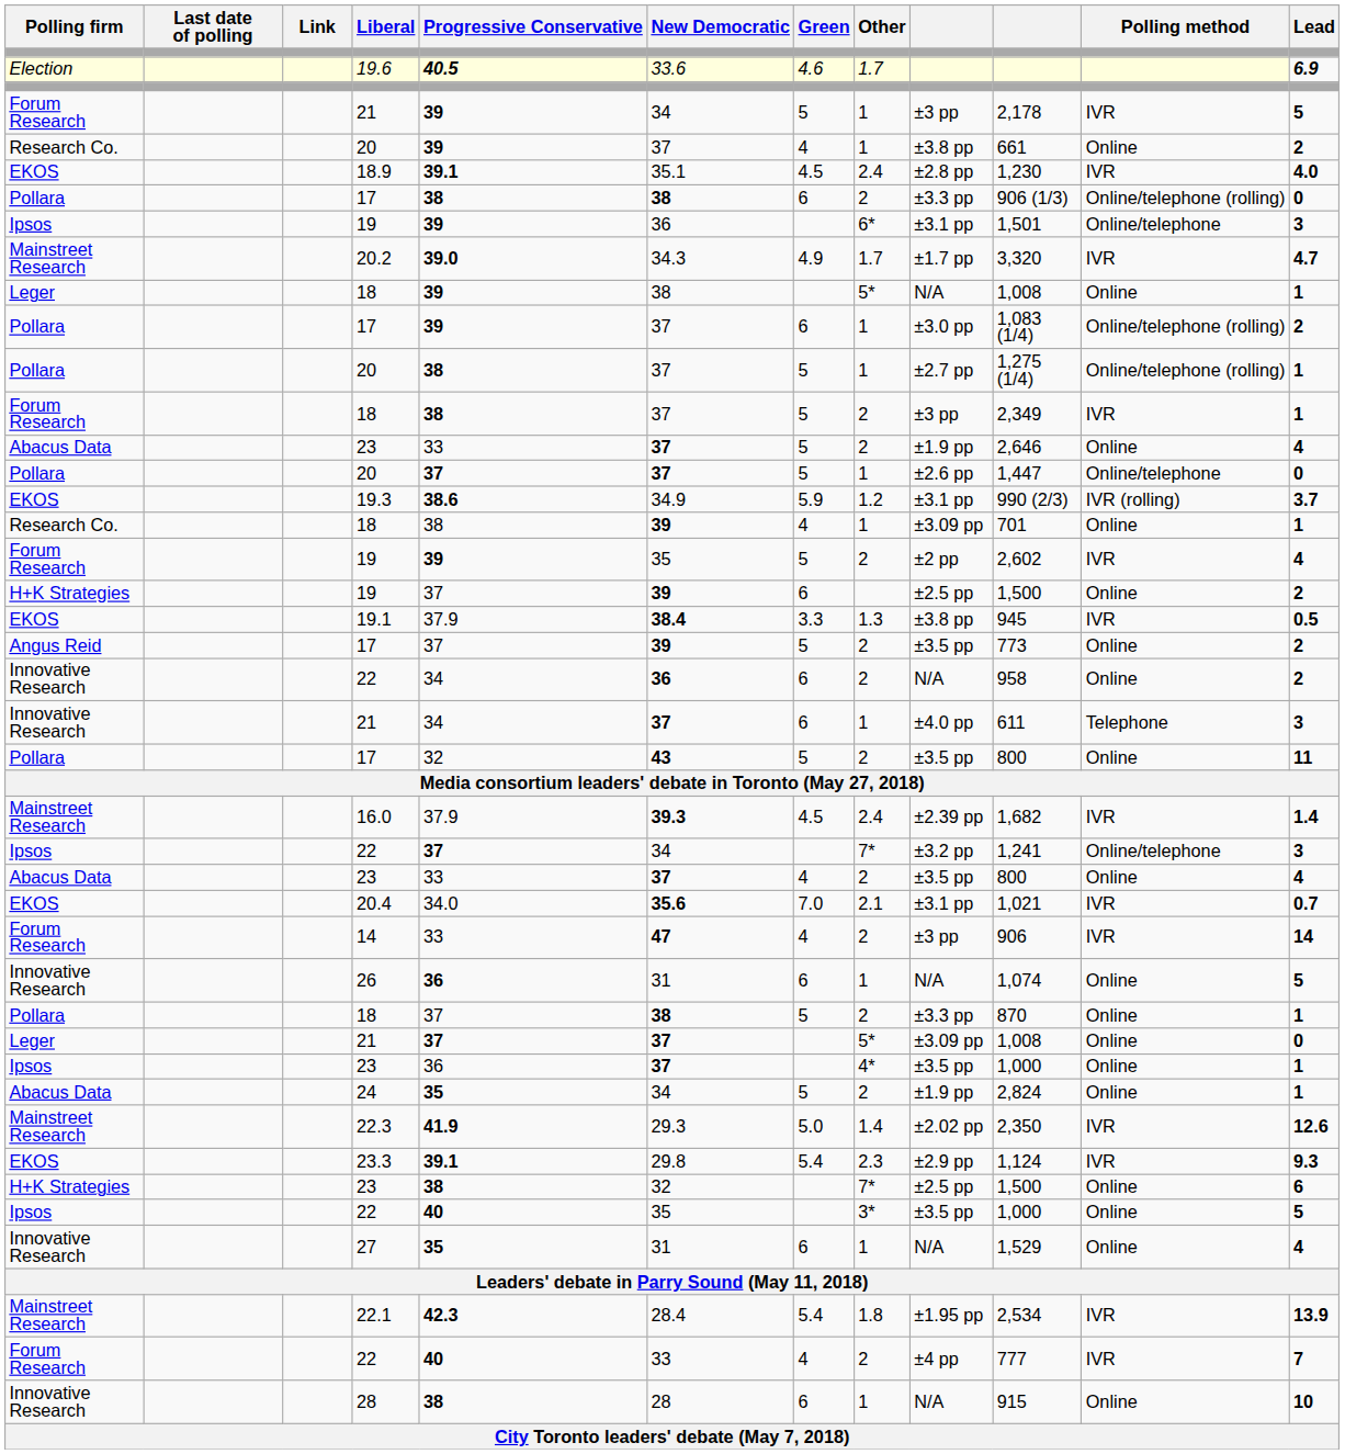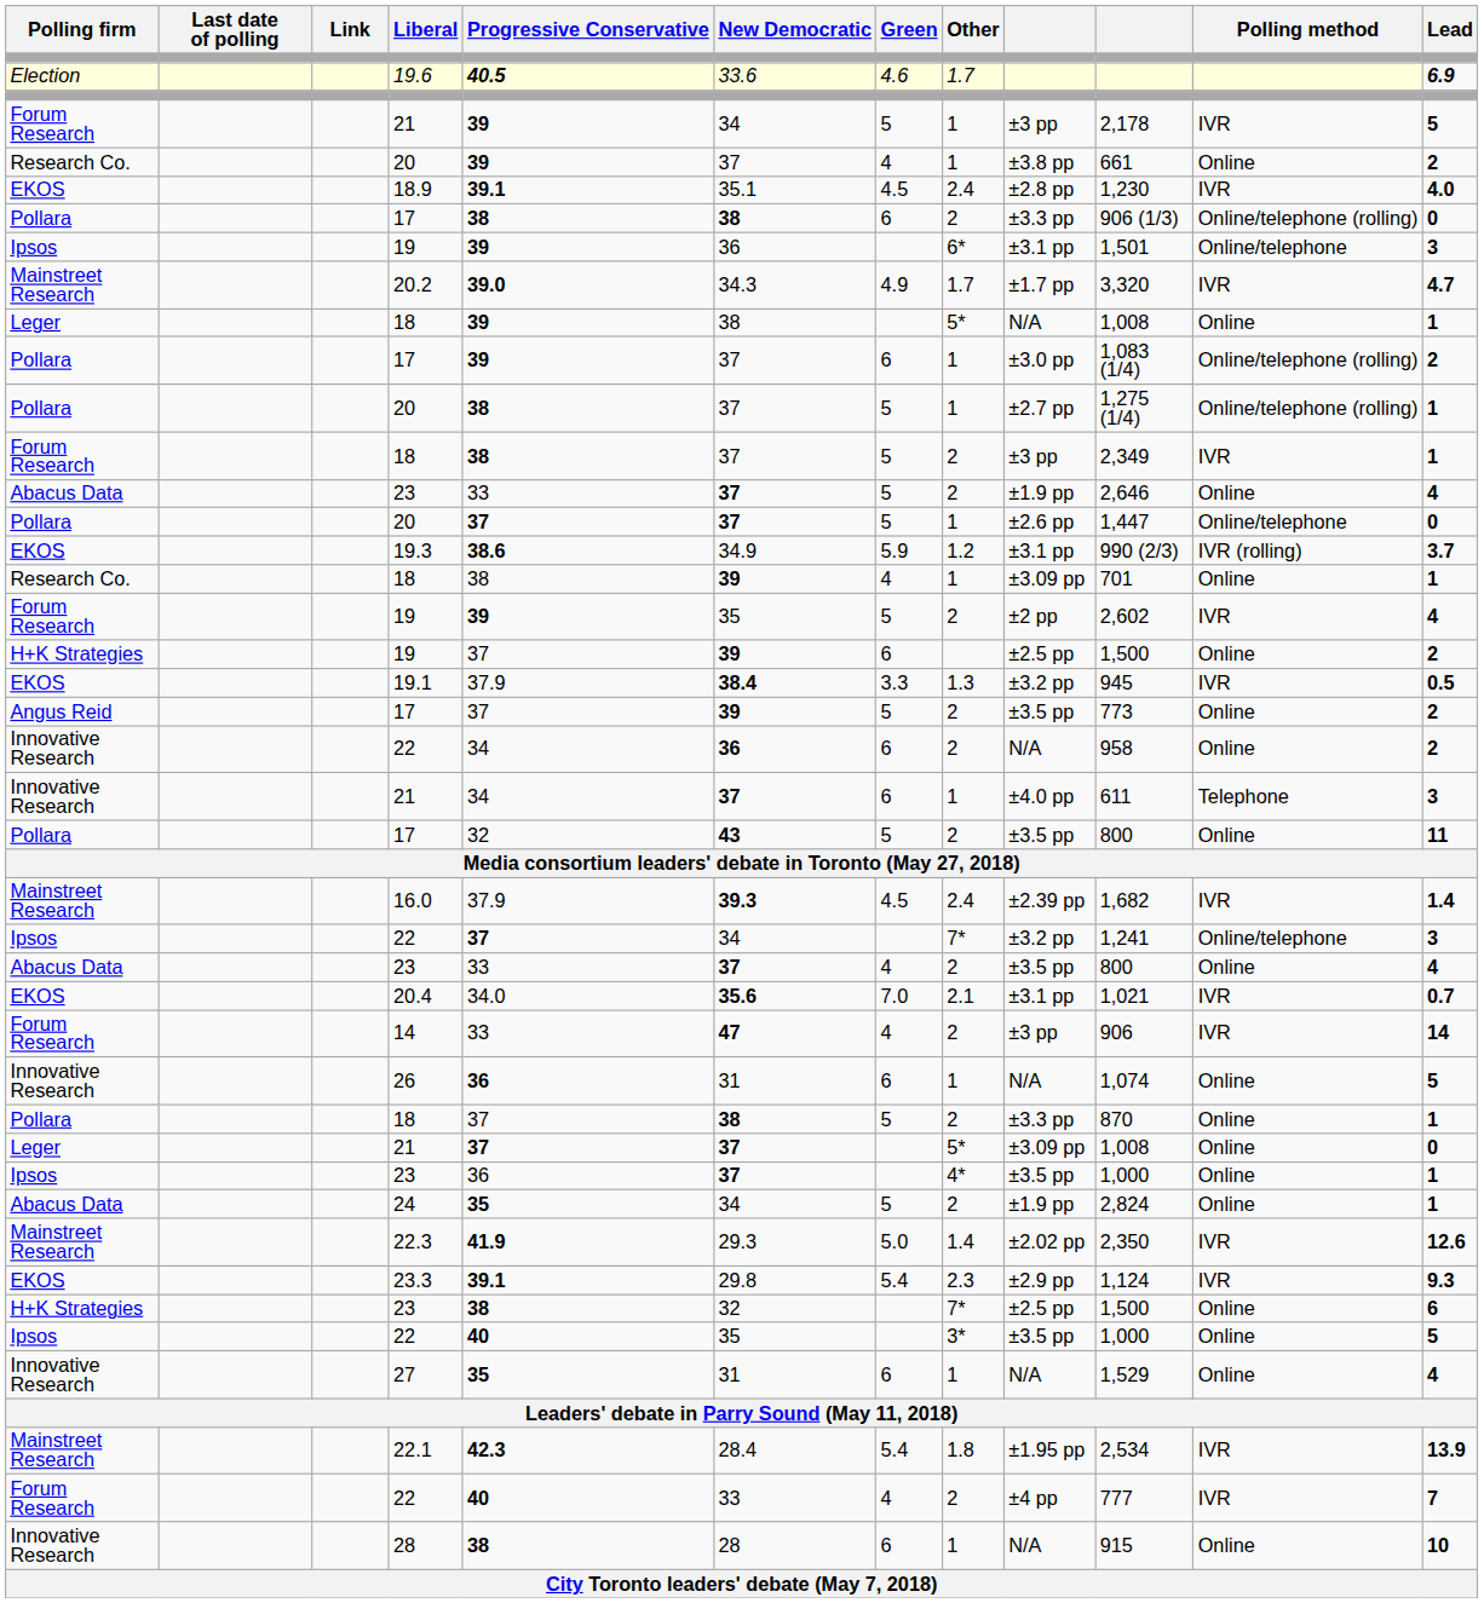 <table class="wikitable collapsible sortable collapsed" style="text-align:left;font-size:90%;line-height:14px;">
 <tr style="background:#e9e9e9;">
 <th style="width:105px">Polling firm</th>
 <th style="width:105px">Last date<br>of polling</th>
 <th style="width:50px" class="unsortable">Link</th>
 <th style="background-color:"><strong><a href='#'>Liberal</a></strong></th>
 <th style="background-color:"><strong><a href='#'>Progressive Conservative</a></strong></th>
 <th style="background-color:"><strong><a href='#'>New Democratic</a></strong></th>
 <th style="background-color:"><strong><a href='#'>Green</a></strong></th>
 <th style="background-color:"><strong>Other</strong></th>
 <th style="width:60px;" class=unsortable></th>
 <th style="width:65px;" class=unsortable></th>
 <th>Polling method</th>
 <th style="width:20px;" data-sort-type="number">Lead</th>
 </tr>
 <tr style="background:Darkgrey;">
 <td></td>
 <td></td>
 <td></td>
 <td></td>
 <td></td>
 <td></td>
 <td></td>
 <td></td>
 <td></td>
 <td></td>
 <td></td>
 <td></td>
 </tr>
 <tr>
 <td style="background:#ffd;"><em>Election</em></td>
 <td style="background:#ffd;"></td>
 <td style="background:#ffd;"><em></em></td>
 <td style="background:#ffd;"><em>19.6</em></td>
 <td style="background:#ffd;" ><strong><em>40.5</em></strong></td>
 <td style="background:#ffd;"><em>33.6</em></td>
 <td style="background:#ffd;"><em>4.6</em></td>
 <td style="background:#ffd;"><em>1.7</em></td>
 <td style="background:#ffd;"></td>
 <td style="background:#ffd;"></td>
 <td style="background:#ffd;"></td>
 <td><strong><em>6.9</em></strong></td>
 </tr>
 <tr style="background:Darkgrey;">
 <td></td>
 <td></td>
 <td></td>
 <td></td>
 <td></td>
 <td></td>
 <td></td>
 <td></td>
 <td></td>
 <td></td>
 <td></td>
 <td></td>
 </tr>
 <tr>
 <td><a href='#'>Forum Research</a></td>
 <td></td>
 <td></td>
 <td>21</td>
 <td><strong>39</strong></td>
 <td>34</td>
 <td>5</td>
 <td>1</td>
 <td>±3 pp</td>
 <td>2,178</td>
 <td>IVR</td>
 <td><strong>5</strong></td>
 </tr>
 <tr>
 <td>Research Co.</td>
 <td></td>
 <td></td>
 <td>20</td>
 <td><strong>39</strong></td>
 <td>37</td>
 <td>4</td>
 <td>1</td>
 <td>±3.8 pp</td>
 <td>661</td>
 <td>Online</td>
 <td><strong>2</strong></td>
 </tr>
 <tr>
 <td><a href='#'>EKOS</a></td>
 <td></td>
 <td></td>
 <td>18.9</td>
 <td><strong>39.1</strong></td>
 <td>35.1</td>
 <td>4.5</td>
 <td>2.4</td>
 <td>±2.8 pp</td>
 <td>1,230</td>
 <td>IVR</td>
 <td><strong>4.0</strong></td>
 </tr>
 <tr>
 <td><a href='#'>Pollara</a></td>
 <td></td>
 <td></td>
 <td>17</td>
 <td><strong>38</strong></td>
 <td><strong>38</strong></td>
 <td>6</td>
 <td>2</td>
 <td>±3.3 pp</td>
 <td>906 (1/3)</td>
 <td>Online/telephone (rolling)</td>
 <td><strong>0</strong></td>
 </tr>
 <tr>
 <td><a href='#'>Ipsos</a></td>
 <td></td>
 <td> </td>
 <td>19</td>
 <td><strong>39</strong></td>
 <td>36</td>
 <td></td>
 <td>6*</td>
 <td>±3.1 pp</td>
 <td>1,501</td>
 <td>Online/telephone</td>
 <td><strong>3</strong></td>
 </tr>
 <tr>
 <td><a href='#'>Mainstreet Research</a></td>
 <td></td>
 <td></td>
 <td>20.2</td>
 <td><strong>39.0</strong></td>
 <td>34.3</td>
 <td>4.9</td>
 <td>1.7</td>
 <td>±1.7 pp</td>
 <td>3,320</td>
 <td>IVR</td>
 <td><strong>4.7</strong></td>
 </tr>
 <tr>
 <td><a href='#'>Leger</a></td>
 <td></td>
 <td></td>
 <td>18</td>
 <td><strong>39</strong></td>
 <td>38</td>
 <td></td>
 <td>5*</td>
 <td>N/A</td>
 <td>1,008</td>
 <td>Online</td>
 <td><strong>1</strong></td>
 </tr>
 <tr>
 <td><a href='#'>Pollara</a></td>
 <td></td>
 <td></td>
 <td>17</td>
 <td><strong>39</strong></td>
 <td>37</td>
 <td>6</td>
 <td>1</td>
 <td>±3.0 pp</td>
 <td>1,083 (1/4)</td>
 <td>Online/telephone (rolling)</td>
 <td><strong>2</strong></td>
 </tr>
 <tr>
 <td><a href='#'>Pollara</a></td>
 <td></td>
 <td></td>
 <td>20</td>
 <td><strong>38</strong></td>
 <td>37</td>
 <td>5</td>
 <td>1</td>
 <td>±2.7 pp</td>
 <td>1,275 (1/4)</td>
 <td>Online/telephone (rolling)</td>
 <td><strong>1</strong></td>
 </tr>
 <tr>
 <td><a href='#'>Forum Research</a></td>
 <td></td>
 <td></td>
 <td>18</td>
 <td><strong>38</strong></td>
 <td>37</td>
 <td>5</td>
 <td>2</td>
 <td>±3 pp</td>
 <td>2,349</td>
 <td>IVR</td>
 <td><strong>1</strong></td>
 </tr>
 <tr>
 <td><a href='#'>Abacus Data</a></td>
 <td></td>
 <td> </td>
 <td>23</td>
 <td>33</td>
 <td><strong>37</strong></td>
 <td>5</td>
 <td>2</td>
 <td>±1.9 pp</td>
 <td>2,646</td>
 <td>Online</td>
 <td><strong>4</strong></td>
 </tr>
 <tr>
 <td><a href='#'>Pollara</a></td>
 <td></td>
 <td></td>
 <td>20</td>
 <td><strong>37</strong></td>
 <td><strong>37</strong></td>
 <td>5</td>
 <td>1</td>
 <td>±2.6 pp</td>
 <td>1,447</td>
 <td>Online/telephone</td>
 <td><strong>0</strong></td>
 </tr>
 <tr>
 <td><a href='#'>EKOS</a></td>
 <td></td>
 <td></td>
 <td>19.3</td>
 <td><strong>38.6</strong></td>
 <td>34.9</td>
 <td>5.9</td>
 <td>1.2</td>
 <td>±3.1 pp</td>
 <td>990 (2/3)</td>
 <td>IVR (rolling)</td>
 <td><strong>3.7</strong></td>
 </tr>
 <tr>
 <td>Research Co.</td>
 <td></td>
 <td></td>
 <td>18</td>
 <td>38</td>
 <td><strong>39</strong></td>
 <td>4</td>
 <td>1</td>
 <td>±3.09 pp</td>
 <td>701</td>
 <td>Online</td>
 <td><strong>1</strong></td>
 </tr>
 <tr>
 <td><a href='#'>Forum Research</a></td>
 <td></td>
 <td></td>
 <td>19</td>
 <td><strong>39</strong></td>
 <td>35</td>
 <td>5</td>
 <td>2</td>
 <td>±2 pp</td>
 <td>2,602</td>
 <td>IVR</td>
 <td><strong>4</strong></td>
 </tr>
 <tr>
 <td><a href='#'>H+K Strategies</a></td>
 <td></td>
 <td></td>
 <td>19</td>
 <td>37</td>
 <td><strong>39</strong></td>
 <td>6</td>
 <td></td>
 <td>±2.5 pp</td>
 <td>1,500</td>
 <td>Online</td>
 <td><strong>2</strong></td>
 </tr>
 <tr>
 <td><a href='#'>EKOS</a></td>
 <td></td>
 <td></td>
 <td>19.1</td>
 <td>37.9</td>
 <td><strong>38.4</strong></td>
 <td>3.3</td>
 <td>1.3</td>
-<td>±3.8 pp</td>
+<td>±3.2 pp</td>
 <td>945</td>
 <td>IVR</td>
 <td><strong>0.5</strong></td>
 </tr>
 <tr>
 <td><a href='#'>Angus Reid</a></td>
 <td></td>
 <td></td>
 <td>17</td>
 <td>37</td>
 <td><strong>39</strong></td>
 <td>5</td>
 <td>2</td>
 <td>±3.5 pp</td>
 <td>773</td>
 <td>Online</td>
 <td><strong>2</strong></td>
 </tr>
 <tr>
 <td>Innovative Research</td>
 <td></td>
 <td></td>
 <td>22</td>
 <td>34</td>
 <td><strong>36</strong></td>
 <td>6</td>
 <td>2</td>
 <td>N/A</td>
 <td>958</td>
 <td>Online</td>
 <td><strong>2</strong></td>
 </tr>
 <tr>
 <td>Innovative Research</td>
 <td></td>
 <td></td>
 <td>21</td>
 <td>34</td>
 <td><strong>37</strong></td>
 <td>6</td>
 <td>1</td>
 <td>±4.0 pp</td>
 <td>611</td>
 <td>Telephone</td>
 <td><strong>3</strong></td>
 </tr>
 <tr>
 <td><a href='#'>Pollara</a></td>
 <td></td>
 <td></td>
 <td>17</td>
 <td>32</td>
 <td><strong>43</strong></td>
 <td>5</td>
 <td>2</td>
 <td>±3.5 pp</td>
 <td>800</td>
 <td>Online</td>
 <td><strong>11</strong></td>
 </tr>
 <tr>
 <th colspan="12">Media consortium leaders' debate in Toronto (May 27, 2018)</th>
 </tr>
 <tr>
 <td><a href='#'>Mainstreet Research</a></td>
 <td></td>
 <td></td>
 <td>16.0</td>
 <td>37.9</td>
 <td><strong>39.3</strong></td>
 <td>4.5</td>
 <td>2.4</td>
 <td>±2.39 pp</td>
 <td>1,682</td>
 <td>IVR</td>
 <td><strong>1.4</strong></td>
 </tr>
 <tr>
 <td><a href='#'>Ipsos</a></td>
 <td></td>
 <td> </td>
 <td>22</td>
 <td><strong>37</strong></td>
 <td>34</td>
 <td></td>
 <td>7*</td>
 <td>±3.2 pp</td>
 <td>1,241</td>
 <td>Online/telephone</td>
 <td><strong>3</strong></td>
 </tr>
 <tr>
 <td><a href='#'>Abacus Data</a></td>
 <td></td>
 <td> </td>
 <td>23</td>
 <td>33</td>
 <td><strong>37</strong></td>
 <td>4</td>
 <td>2</td>
 <td>±3.5 pp</td>
 <td>800</td>
 <td>Online</td>
 <td><strong>4</strong></td>
 </tr>
 <tr>
 <td><a href='#'>EKOS</a></td>
 <td></td>
 <td></td>
 <td>20.4</td>
 <td>34.0</td>
 <td><strong>35.6</strong></td>
 <td>7.0</td>
 <td>2.1</td>
 <td>±3.1 pp</td>
 <td>1,021</td>
 <td>IVR</td>
 <td><strong>0.7</strong></td>
 </tr>
 <tr>
 <td><a href='#'>Forum Research</a></td>
 <td></td>
 <td></td>
 <td>14</td>
 <td>33</td>
 <td><strong>47</strong></td>
 <td>4</td>
 <td>2</td>
 <td>±3 pp</td>
 <td>906</td>
 <td>IVR</td>
 <td><strong>14</strong></td>
 </tr>
 <tr>
 <td>Innovative Research</td>
 <td></td>
 <td></td>
 <td>26</td>
 <td><strong>36</strong></td>
 <td>31</td>
 <td>6</td>
 <td>1</td>
 <td>N/A</td>
 <td>1,074</td>
 <td>Online</td>
 <td><strong>5</strong></td>
 </tr>
 <tr>
 <td><a href='#'>Pollara</a></td>
 <td></td>
 <td></td>
 <td>18</td>
 <td>37</td>
 <td><strong>38</strong></td>
 <td>5</td>
 <td>2</td>
 <td>±3.3 pp</td>
 <td>870</td>
 <td>Online</td>
 <td><strong>1</strong></td>
 </tr>
 <tr>
 <td><a href='#'>Leger</a></td>
 <td></td>
 <td></td>
 <td>21</td>
 <td><strong>37</strong></td>
 <td><strong>37</strong></td>
 <td></td>
 <td>5*</td>
 <td>±3.09 pp</td>
 <td>1,008</td>
 <td>Online</td>
 <td><strong>0</strong></td>
 </tr>
 <tr>
 <td><a href='#'>Ipsos</a></td>
 <td></td>
 <td> </td>
 <td>23</td>
 <td>36</td>
 <td><strong>37</strong></td>
 <td></td>
 <td>4*</td>
 <td>±3.5 pp</td>
 <td>1,000</td>
 <td>Online</td>
 <td><strong>1</strong></td>
 </tr>
 <tr>
 <td><a href='#'>Abacus Data</a></td>
 <td></td>
 <td> </td>
 <td>24</td>
 <td><strong>35</strong></td>
 <td>34</td>
 <td>5</td>
 <td>2</td>
 <td>±1.9 pp</td>
 <td>2,824</td>
 <td>Online</td>
 <td><strong>1</strong></td>
 </tr>
 <tr>
 <td><a href='#'>Mainstreet Research</a></td>
 <td></td>
 <td></td>
 <td>22.3</td>
 <td><strong>41.9</strong></td>
 <td>29.3</td>
 <td>5.0</td>
 <td>1.4</td>
 <td>±2.02 pp</td>
 <td>2,350</td>
 <td>IVR</td>
 <td><strong>12.6</strong></td>
 </tr>
 <tr>
 <td><a href='#'>EKOS</a></td>
 <td></td>
 <td></td>
 <td>23.3</td>
 <td><strong>39.1</strong></td>
 <td>29.8</td>
 <td>5.4</td>
 <td>2.3</td>
 <td>±2.9 pp</td>
 <td>1,124</td>
 <td>IVR</td>
 <td><strong>9.3</strong></td>
 </tr>
 <tr>
 <td><a href='#'>H+K Strategies</a></td>
 <td></td>
 <td></td>
 <td>23</td>
 <td><strong>38</strong></td>
 <td>32</td>
 <td></td>
 <td>7*</td>
 <td>±2.5 pp</td>
 <td>1,500</td>
 <td>Online</td>
 <td><strong>6</strong></td>
 </tr>
 <tr>
 <td><a href='#'>Ipsos</a></td>
 <td></td>
 <td> </td>
 <td>22</td>
 <td><strong>40</strong></td>
 <td>35</td>
 <td></td>
 <td>3*</td>
 <td>±3.5 pp</td>
 <td>1,000</td>
 <td>Online</td>
 <td><strong>5</strong></td>
 </tr>
 <tr>
 <td>Innovative Research</td>
 <td></td>
 <td></td>
 <td>27</td>
 <td><strong>35</strong></td>
 <td>31</td>
 <td>6</td>
 <td>1</td>
 <td>N/A</td>
 <td>1,529</td>
 <td>Online</td>
 <td><strong>4</strong></td>
 </tr>
 <tr>
 <th colspan="12">Leaders' debate in <a href='#'>Parry Sound</a> (May 11, 2018)</th>
 </tr>
 <tr>
 <td><a href='#'>Mainstreet Research</a></td>
 <td></td>
 <td></td>
 <td>22.1</td>
 <td><strong>42.3</strong></td>
 <td>28.4</td>
 <td>5.4</td>
 <td>1.8</td>
 <td>±1.95 pp</td>
 <td>2,534</td>
 <td>IVR</td>
 <td><strong>13.9</strong></td>
 </tr>
 <tr>
 <td><a href='#'>Forum Research</a></td>
 <td></td>
 <td></td>
 <td>22</td>
 <td><strong>40</strong></td>
 <td>33</td>
 <td>4</td>
 <td>2</td>
 <td>±4 pp</td>
 <td>777</td>
 <td>IVR</td>
 <td><strong>7</strong></td>
 </tr>
 <tr>
 <td>Innovative Research</td>
 <td></td>
 <td> </td>
 <td>28</td>
 <td><strong>38</strong></td>
 <td>28</td>
 <td>6</td>
 <td>1</td>
 <td>N/A</td>
 <td>915</td>
 <td>Online</td>
 <td><strong>10</strong></td>
 </tr>
 <tr>
 <th colspan="12"><a href='#'>City</a> Toronto leaders' debate (May 7, 2018)</th>
 </tr>
 </table>
